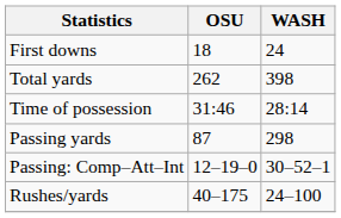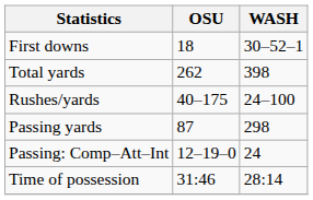 <table class="wikitable" style="float: left;">
 <tr>
 <th>Statistics</th>
 <th>OSU</th>
 <th>WASH</th>
 </tr>
 <tr>
 <td>First downs</td>
 <td>18</td>
-<td>24</td>
+<td>30–52–1</td>
 </tr>
 <tr>
 <td>Total yards</td>
 <td>262</td>
 <td>398</td>
 </tr>
 <tr>
-<td>Time of possession</td>
-<td>31:46</td>
-<td>28:14</td>
+<td>Rushes/yards</td>
+<td>40–175</td>
+<td>24–100</td>
 </tr>
 <tr>
 <td>Passing yards</td>
 <td>87</td>
 <td>298</td>
 </tr>
 <tr>
 <td>Passing: Comp–Att–Int</td>
 <td>12–19–0</td>
-<td>30–52–1</td>
+<td>24</td>
 </tr>
 <tr>
-<td>Rushes/yards</td>
-<td>40–175</td>
-<td>24–100</td>
+<td>Time of possession</td>
+<td>31:46</td>
+<td>28:14</td>
 </tr>
 <tr>
 </tr>
 </table>
